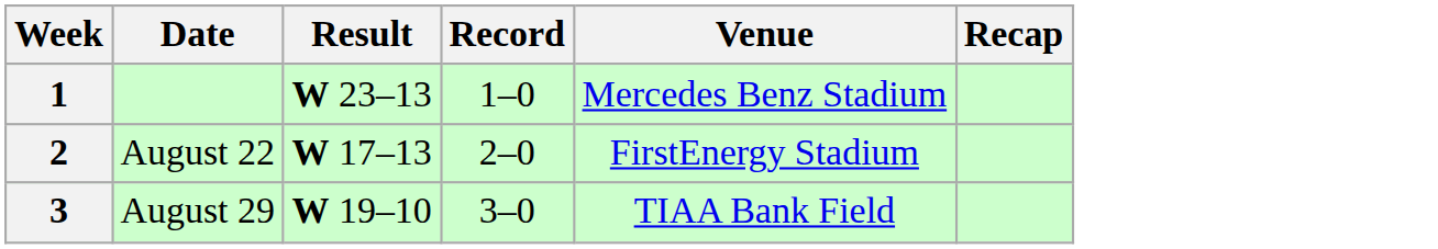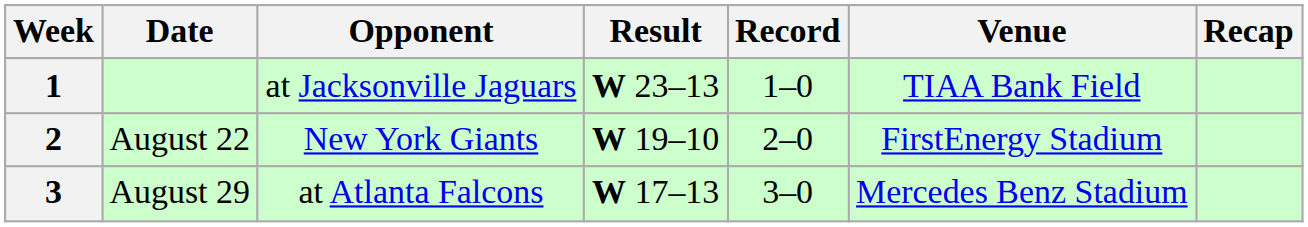 <table class="wikitable" style="text-align:center">
 <tr>
 <th>Week</th>
 <th>Date</th>
+<th>Opponent</th>
 <th>Result</th>
 <th>Record</th>
 <th>Venue</th>
 <th>Recap</th>
 </tr>
 <tr style="background:#cfc">
 <th>1</th>
 <td></td>
+<td>at <a href='#'>Jacksonville Jaguars</a></td>
 <td><strong>W</strong> 23–13</td>
 <td>1–0</td>
-<td><a href='#'>Mercedes Benz Stadium</a></td>
+<td><a href='#'>TIAA Bank Field</a></td>
 <td></td>
 </tr>
 <tr style="background:#cfc">
 <th>2</th>
 <td>August 22</td>
-<td><strong>W</strong> 17–13</td>
+<td><a href='#'>New York Giants</a></td>
+<td><strong>W</strong> 19–10</td>
 <td>2–0</td>
 <td><a href='#'>FirstEnergy Stadium</a></td>
 <td></td>
 </tr>
 <tr style="background:#cfc">
 <th>3</th>
 <td>August 29</td>
-<td><strong>W</strong> 19–10</td>
+<td>at <a href='#'>Atlanta Falcons</a></td>
+<td><strong>W</strong> 17–13</td>
 <td>3–0</td>
-<td><a href='#'>TIAA Bank Field</a></td>
+<td><a href='#'>Mercedes Benz Stadium</a></td>
 <td></td>
 </tr>
 </table>
